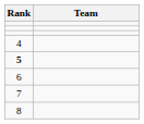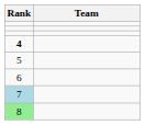 <table class="wikitable" style="font-size:95%;">
 <tr>
 <th>Rank</th>
 <th align="left" style="width: 10em">Team</th>
 </tr>
 <tr>
 <td align="center"></td>
 <td></td>
 </tr>
 <tr>
 <td align="center"></td>
 <td></td>
 </tr>
 <tr>
 <td align="center"></td>
 <td></td>
 </tr>
 <tr>
-<td align="center">4</td>
+<td align="center"><strong>4</strong></td>
 <td></td>
 </tr>
 <tr>
-<td align="center"><strong>5</strong></td>
+<td align="center">5</td>
 <td></td>
 </tr>
 <tr>
 <td align="center">6</td>
 <td></td>
 </tr>
 <tr>
-<td align="center">7</td>
+<td align="center" style="background: lightblue;">7</td>
 <td></td>
 </tr>
 <tr>
-<td align="center">8</td>
+<td align="center" style="background: lightgreen;">8</td>
 <td></td>
 </tr>
 </table>
